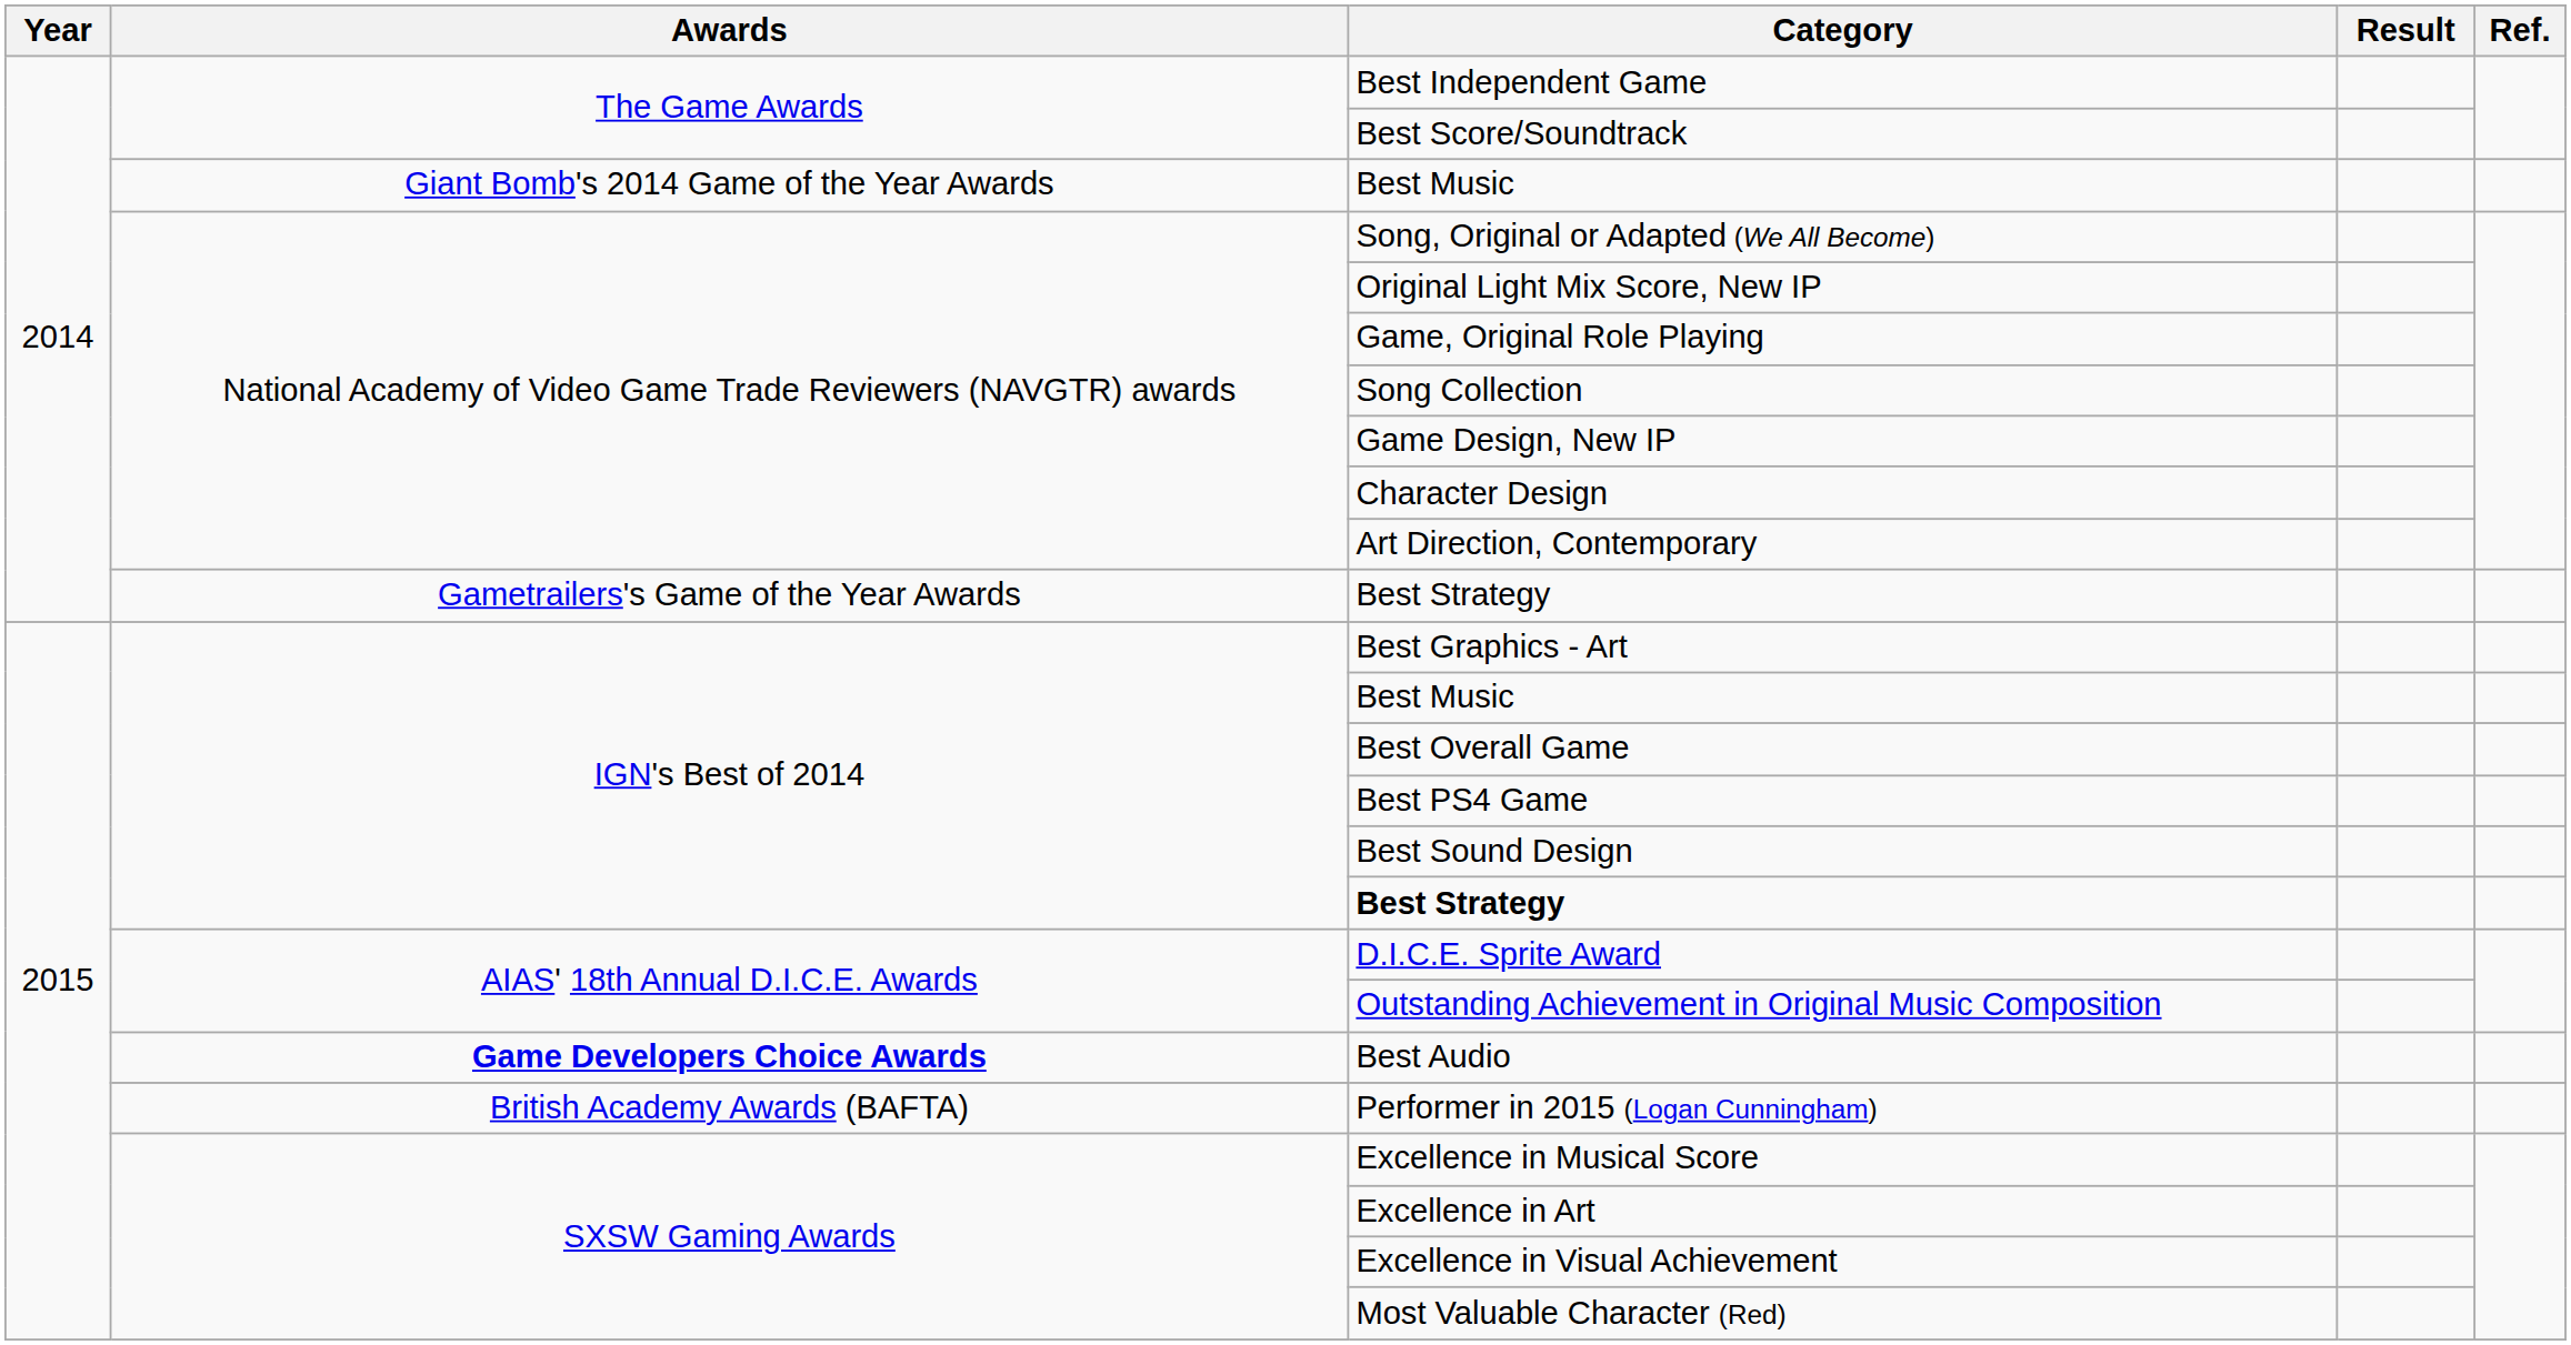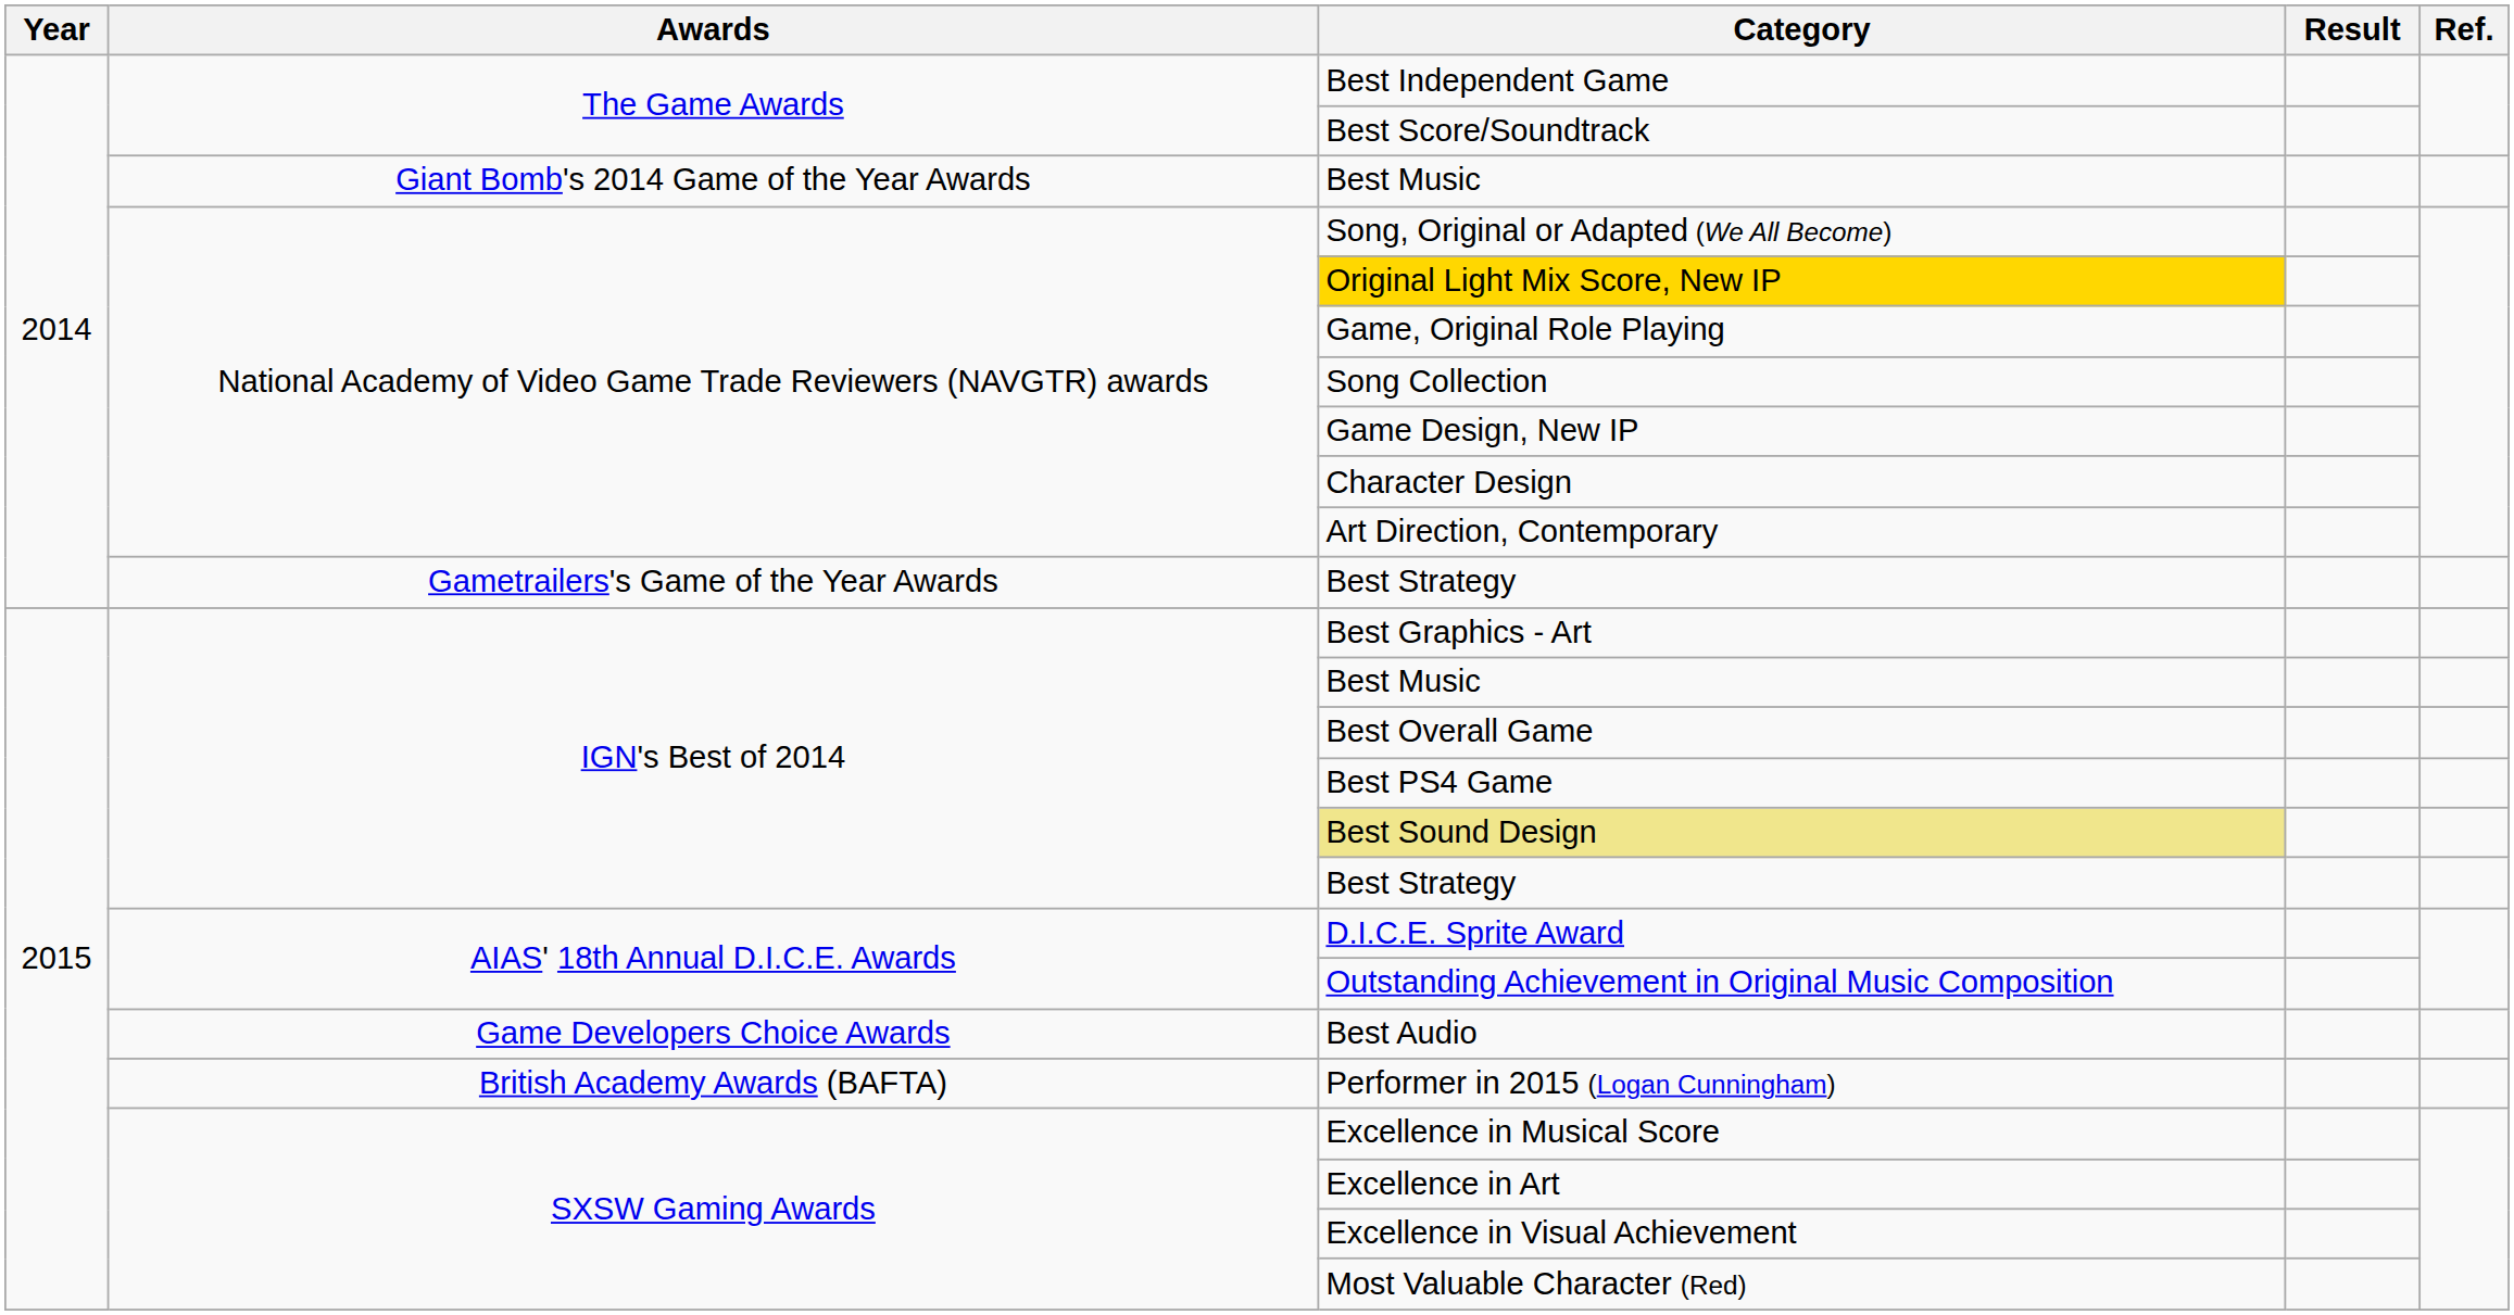 <table class="wikitable mw-collapsible mw-uncollapsed" style="width:80%;">
 <tr>
 <th>Year</th>
 <th>Awards</th>
 <th>Category</th>
 <th>Result</th>
 <th>Ref.</th>
 </tr>
 <tr>
 <td rowspan="11" align="center">2014</td>
 <td rowspan="2" align=center><a href='#'>The Game Awards</a></td>
 <td>Best Independent Game</td>
 <td></td>
 <td rowspan="2" align=center></td>
 </tr>
 <tr>
 <td>Best Score/Soundtrack</td>
 <td></td>
 </tr>
 <tr>
 <td align=center><a href='#'>Giant Bomb</a>'s 2014 Game of the Year Awards</td>
 <td>Best Music</td>
 <td></td>
 <td align=center></td>
 </tr>
 <tr>
 <td rowspan="7" align="center">National Academy of Video Game Trade Reviewers (NAVGTR) awards</td>
 <td>Song, Original or Adapted<small> (<em>We All Become</em>)</small></td>
 <td></td>
 <td rowspan="7" align="center"></td>
 </tr>
 <tr>
-<td>Original Light Mix Score, New IP</td>
+<td style="background: gold;">Original Light Mix Score, New IP</td>
 <td></td>
 </tr>
 <tr>
 <td>Game, Original Role Playing</td>
 <td></td>
 </tr>
 <tr>
 <td>Song Collection</td>
 <td></td>
 </tr>
 <tr>
 <td>Game Design, New IP</td>
 <td></td>
 </tr>
 <tr>
 <td>Character Design</td>
 <td></td>
 </tr>
 <tr>
 <td>Art Direction, Contemporary</td>
 <td></td>
 </tr>
 <tr>
 <td align=center><a href='#'>Gametrailers</a>'s Game of the Year Awards</td>
 <td>Best Strategy</td>
 <td></td>
 <td align=center></td>
 </tr>
 <tr>
 <td rowspan="14" align="center">2015</td>
 <td rowspan="6" align=center><a href='#'>IGN</a>'s Best of 2014</td>
 <td>Best Graphics - Art</td>
 <td></td>
 <td align=center></td>
 </tr>
 <tr>
 <td>Best Music</td>
 <td></td>
 <td align=center></td>
 </tr>
 <tr>
 <td>Best Overall Game</td>
 <td></td>
 <td align=center></td>
 </tr>
 <tr>
 <td>Best PS4 Game</td>
 <td></td>
 <td align=center></td>
 </tr>
 <tr>
-<td>Best Sound Design</td>
+<td style="background: khaki;">Best Sound Design</td>
 <td></td>
 <td align=center></td>
 </tr>
 <tr>
-<td><strong>Best Strategy</strong></td>
+<td>Best Strategy</td>
 <td></td>
 <td align=center></td>
 </tr>
 <tr>
 <td rowspan="2" align="center"><a href='#'>AIAS</a>' <a href='#'>18th Annual D.I.C.E. Awards</a></td>
 <td><a href='#'>D.I.C.E. Sprite Award</a></td>
 <td></td>
 <td rowspan="2" align="center"></td>
 </tr>
 <tr>
 <td><a href='#'>Outstanding Achievement in Original Music Composition</a></td>
 <td></td>
 </tr>
 <tr>
-<td align="center"><strong><a href='#'>Game Developers Choice Awards</a></strong></td>
+<td align="center"><a href='#'>Game Developers Choice Awards</a></td>
 <td>Best Audio</td>
 <td></td>
 <td align="center"></td>
 </tr>
 <tr>
 <td align="center"><a href='#'>British Academy Awards</a> (BAFTA)</td>
 <td>Performer in 2015 <small>(<a href='#'>Logan Cunningham</a>)</small></td>
 <td></td>
 <td align="center"></td>
 </tr>
 <tr>
 <td align="center" rowspan="4"><a href='#'>SXSW Gaming Awards</a></td>
 <td>Excellence in Musical Score</td>
 <td></td>
 <td align="center" rowspan="4"></td>
 </tr>
 <tr>
 <td>Excellence in Art</td>
 <td></td>
 </tr>
 <tr>
 <td>Excellence in Visual Achievement</td>
 <td></td>
 </tr>
 <tr>
 <td>Most Valuable Character <small>(Red)</small></td>
 <td></td>
 </tr>
 </table>
